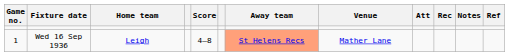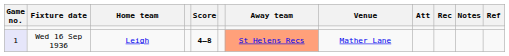 <table class="wikitable" style="text-align:center;">
 <tr>
 <th width=20 abbr="No">Game no.</th>
 <th width=100 abbr="Date">Fixture date</th>
 <th width=150 abbr="Home team">Home team</th>
 <th width=5 abbr="space"></th>
 <th width=20 abbr="Score">Score</th>
 <th width=5 abbr="space"></th>
 <th width=150 abbr="Away team">Away team</th>
 <th width=150 abbr="Venue">Venue</th>
 <th width=30 abbr="Att">Att</th>
 <th width=30 abbr="Rec">Rec</th>
 <th width=20 abbr="Notes">Notes</th>
 <th width=30 abbr="Ref">Ref</th>
 </tr>
 <tr>
 <td></td>
 <td></td>
 <td></td>
 <td></td>
 <td></td>
 <td></td>
 <td></td>
 <td></td>
 <td></td>
 <td></td>
 </tr>
 <tr>
-<td>1</td>
+<td style="background: lavender;">1</td>
 <td>Wed 16 Sep 1936</td>
 <td><a href='#'>Leigh</a></td>
 <td></td>
-<td>4–8</td>
+<td><strong>4–8</strong></td>
 <td></td>
 <td style="background: lightsalmon;"><a href='#'>St Helens Recs</a></td>
 <td><a href='#'>Mather Lane</a></td>
 <td></td>
 <td></td>
 <td></td>
 <td></td>
 </tr>
 </table>
